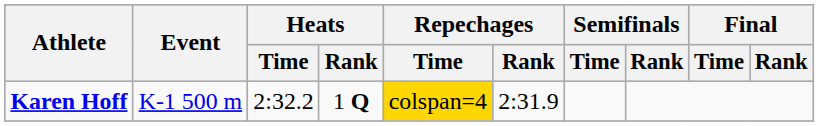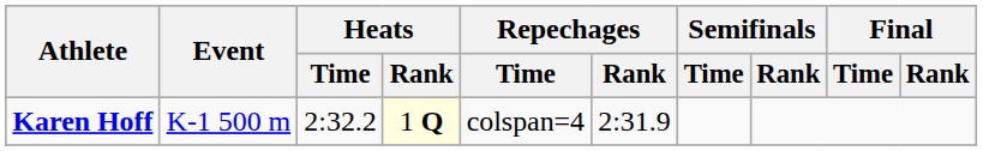 <table class="wikitable" style="font-size:90%">
 <tr>
 <th rowspan=2>Athlete</th>
 <th rowspan=2>Event</th>
 <th colspan=2>Heats</th>
 <th colspan=2>Repechages</th>
 <th colspan=2>Semifinals</th>
 <th colspan=2>Final</th>
 </tr>
 <tr style="font-size:95%">
 <th>Time</th>
 <th>Rank</th>
 <th>Time</th>
 <th>Rank</th>
 <th>Time</th>
 <th>Rank</th>
 <th>Time</th>
 <th>Rank</th>
 </tr>
 <tr align=center>
 <td align=left rowspan=1><strong><a href='#'>Karen Hoff</a></strong></td>
 <td align=left><a href='#'>K-1 500 m</a></td>
 <td>2:32.2</td>
-<td>1 <strong>Q</strong></td>
-<td style="background: gold;">colspan=4 </td>
+<td style="background: lightyellow;">1 <strong>Q</strong></td>
+<td>colspan=4 </td>
 <td>2:31.9</td>
 <td></td>
 </tr>
 </table>
